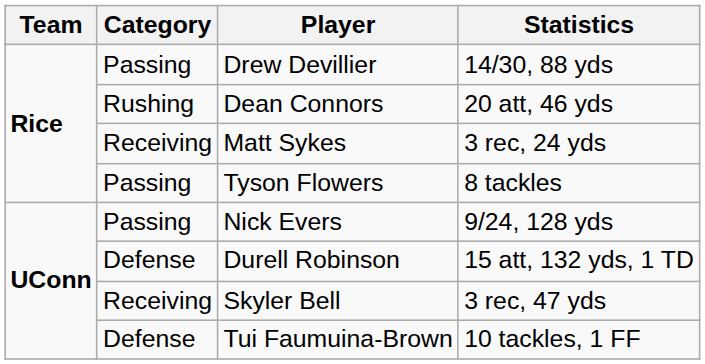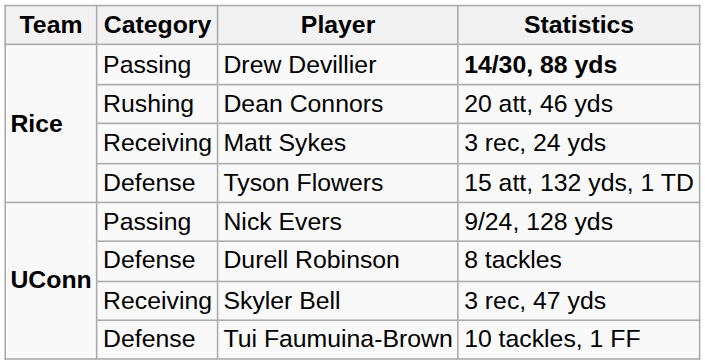 <table class="wikitable" style="float: right;">
 <tr>
 <th>Team</th>
 <th>Category</th>
 <th>Player</th>
 <th>Statistics</th>
 </tr>
 <tr>
 <td rowspan=4><strong>Rice</strong></td>
 <td>Passing</td>
 <td>Drew Devillier</td>
-<td>14/30, 88 yds</td>
+<td><strong>14/30, 88 yds</strong></td>
 </tr>
 <tr>
 <td>Rushing</td>
 <td>Dean Connors</td>
 <td>20 att, 46 yds</td>
 </tr>
 <tr>
 <td>Receiving</td>
 <td>Matt Sykes</td>
 <td>3 rec, 24 yds</td>
 </tr>
 <tr>
-<td>Passing</td>
+<td>Defense</td>
 <td>Tyson Flowers</td>
-<td>8 tackles</td>
+<td>15 att, 132 yds, 1 TD</td>
 </tr>
 <tr>
 <td rowspan=4><strong>UConn</strong></td>
 <td>Passing</td>
 <td>Nick Evers</td>
 <td>9/24, 128 yds</td>
 </tr>
 <tr>
 <td>Defense</td>
 <td>Durell Robinson</td>
-<td>15 att, 132 yds, 1 TD</td>
+<td>8 tackles</td>
 </tr>
 <tr>
 <td>Receiving</td>
 <td>Skyler Bell</td>
 <td>3 rec, 47 yds</td>
 </tr>
 <tr>
 <td>Defense</td>
 <td>Tui Faumuina-Brown</td>
 <td>10 tackles, 1 FF</td>
 </tr>
 </table>
